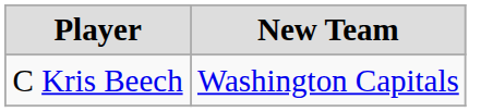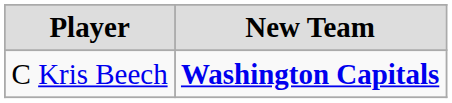 <table class="wikitable">
 <tr align="center"  bgcolor="#dddddd">
 <td><strong>Player</strong></td>
 <td><strong>New Team</strong></td>
 </tr>
 <tr>
 <td>C <a href='#'>Kris Beech</a></td>
-<td><a href='#'>Washington Capitals</a></td>
+<td><strong><a href='#'>Washington Capitals</a></strong></td>
 </tr>
 </table>
